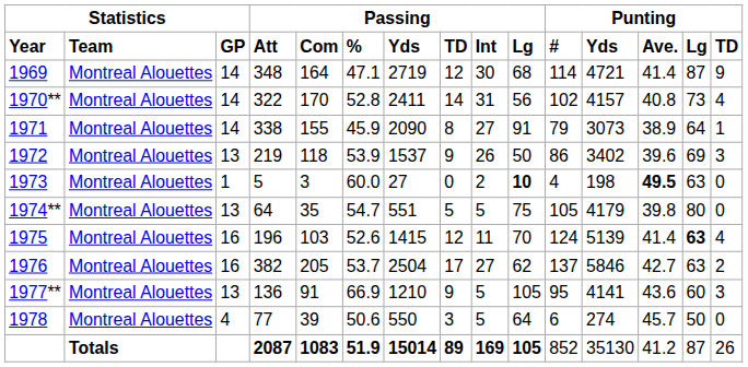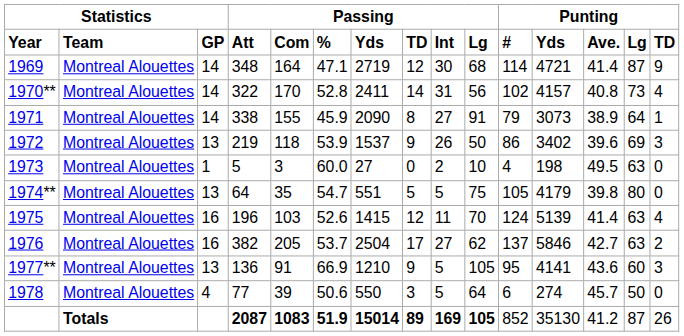 <table class="wikitable" border=0 style="background: #FFFFFF;">
 <tr>
 <td colspan=3 align="center"><strong>Statistics</strong></td>
 <td colspan=7 align="center"><strong>Passing</strong></td>
 <td colspan=5 align="center"><strong>Punting</strong></td>
 </tr>
 <tr>
 <td><strong>Year</strong></td>
 <td><strong>Team</strong></td>
 <td><strong>GP</strong></td>
 <td><strong>Att</strong></td>
 <td><strong>Com</strong></td>
 <td><strong>%</strong></td>
 <td><strong>Yds</strong></td>
 <td><strong>TD</strong></td>
 <td><strong>Int</strong></td>
 <td><strong>Lg</strong></td>
 <td><strong>#</strong></td>
 <td><strong>Yds</strong></td>
 <td><strong>Ave.</strong></td>
 <td><strong>Lg</strong></td>
 <td><strong>TD</strong></td>
 </tr>
 <tr>
 <td><a href='#'>1969</a></td>
 <td><a href='#'>Montreal Alouettes</a></td>
 <td>14</td>
 <td>348</td>
 <td>164</td>
 <td>47.1</td>
 <td>2719</td>
 <td>12</td>
 <td>30</td>
 <td>68</td>
 <td>114</td>
 <td>4721</td>
 <td>41.4</td>
 <td>87</td>
 <td>9</td>
 </tr>
 <tr>
 <td><a href='#'>1970</a>**</td>
 <td><a href='#'>Montreal Alouettes</a></td>
 <td>14</td>
 <td>322</td>
 <td>170</td>
 <td>52.8</td>
 <td>2411</td>
 <td>14</td>
 <td>31</td>
 <td>56</td>
 <td>102</td>
 <td>4157</td>
 <td>40.8</td>
 <td>73</td>
 <td>4</td>
 </tr>
 <tr>
 <td><a href='#'>1971</a></td>
 <td><a href='#'>Montreal Alouettes</a></td>
 <td>14</td>
 <td>338</td>
 <td>155</td>
 <td>45.9</td>
 <td>2090</td>
 <td>8</td>
 <td>27</td>
 <td>91</td>
 <td>79</td>
 <td>3073</td>
 <td>38.9</td>
 <td>64</td>
 <td>1</td>
 </tr>
 <tr>
 <td><a href='#'>1972</a></td>
 <td><a href='#'>Montreal Alouettes</a></td>
 <td>13</td>
 <td>219</td>
 <td>118</td>
 <td>53.9</td>
 <td>1537</td>
 <td>9</td>
 <td>26</td>
 <td>50</td>
 <td>86</td>
 <td>3402</td>
 <td>39.6</td>
 <td>69</td>
 <td>3</td>
 </tr>
 <tr>
 <td><a href='#'>1973</a></td>
 <td><a href='#'>Montreal Alouettes</a></td>
 <td>1</td>
 <td>5</td>
 <td>3</td>
 <td>60.0</td>
 <td>27</td>
 <td>0</td>
 <td>2</td>
-<td><strong>10</strong></td>
+<td>10</td>
 <td>4</td>
 <td>198</td>
-<td><strong>49.5</strong></td>
+<td>49.5</td>
 <td>63</td>
 <td>0</td>
 </tr>
 <tr>
 <td><a href='#'>1974</a>**</td>
 <td><a href='#'>Montreal Alouettes</a></td>
 <td>13</td>
 <td>64</td>
 <td>35</td>
 <td>54.7</td>
 <td>551</td>
 <td>5</td>
 <td>5</td>
 <td>75</td>
 <td>105</td>
 <td>4179</td>
 <td>39.8</td>
 <td>80</td>
 <td>0</td>
 </tr>
 <tr>
 <td><a href='#'>1975</a></td>
 <td><a href='#'>Montreal Alouettes</a></td>
 <td>16</td>
 <td>196</td>
 <td>103</td>
 <td>52.6</td>
 <td>1415</td>
 <td>12</td>
 <td>11</td>
 <td>70</td>
 <td>124</td>
 <td>5139</td>
 <td>41.4</td>
-<td><strong>63</strong></td>
+<td>63</td>
 <td>4</td>
 </tr>
 <tr>
 <td><a href='#'>1976</a></td>
 <td><a href='#'>Montreal Alouettes</a></td>
 <td>16</td>
 <td>382</td>
 <td>205</td>
 <td>53.7</td>
 <td>2504</td>
 <td>17</td>
 <td>27</td>
 <td>62</td>
 <td>137</td>
 <td>5846</td>
 <td>42.7</td>
 <td>63</td>
 <td>2</td>
 </tr>
 <tr>
 <td><a href='#'>1977</a>**</td>
 <td><a href='#'>Montreal Alouettes</a></td>
 <td>13</td>
 <td>136</td>
 <td>91</td>
 <td>66.9</td>
 <td>1210</td>
 <td>9</td>
 <td>5</td>
 <td>105</td>
 <td>95</td>
 <td>4141</td>
 <td>43.6</td>
 <td>60</td>
 <td>3</td>
 </tr>
 <tr>
 <td><a href='#'>1978</a></td>
 <td><a href='#'>Montreal Alouettes</a></td>
 <td>4</td>
 <td>77</td>
 <td>39</td>
 <td>50.6</td>
 <td>550</td>
 <td>3</td>
 <td>5</td>
 <td>64</td>
 <td>6</td>
 <td>274</td>
 <td>45.7</td>
 <td>50</td>
 <td>0</td>
 </tr>
 <tr>
 <td></td>
 <td><strong>Totals</strong></td>
 <td></td>
 <td><strong>2087</strong></td>
 <td><strong>1083</strong></td>
 <td><strong>51.9</strong></td>
 <td><strong>15014</strong></td>
 <td><strong>89</strong></td>
 <td><strong>169</strong></td>
 <td><strong>105</strong></td>
 <td>852</td>
 <td>35130</td>
 <td>41.2</td>
 <td>87</td>
 <td>26</td>
 </tr>
 </table>
